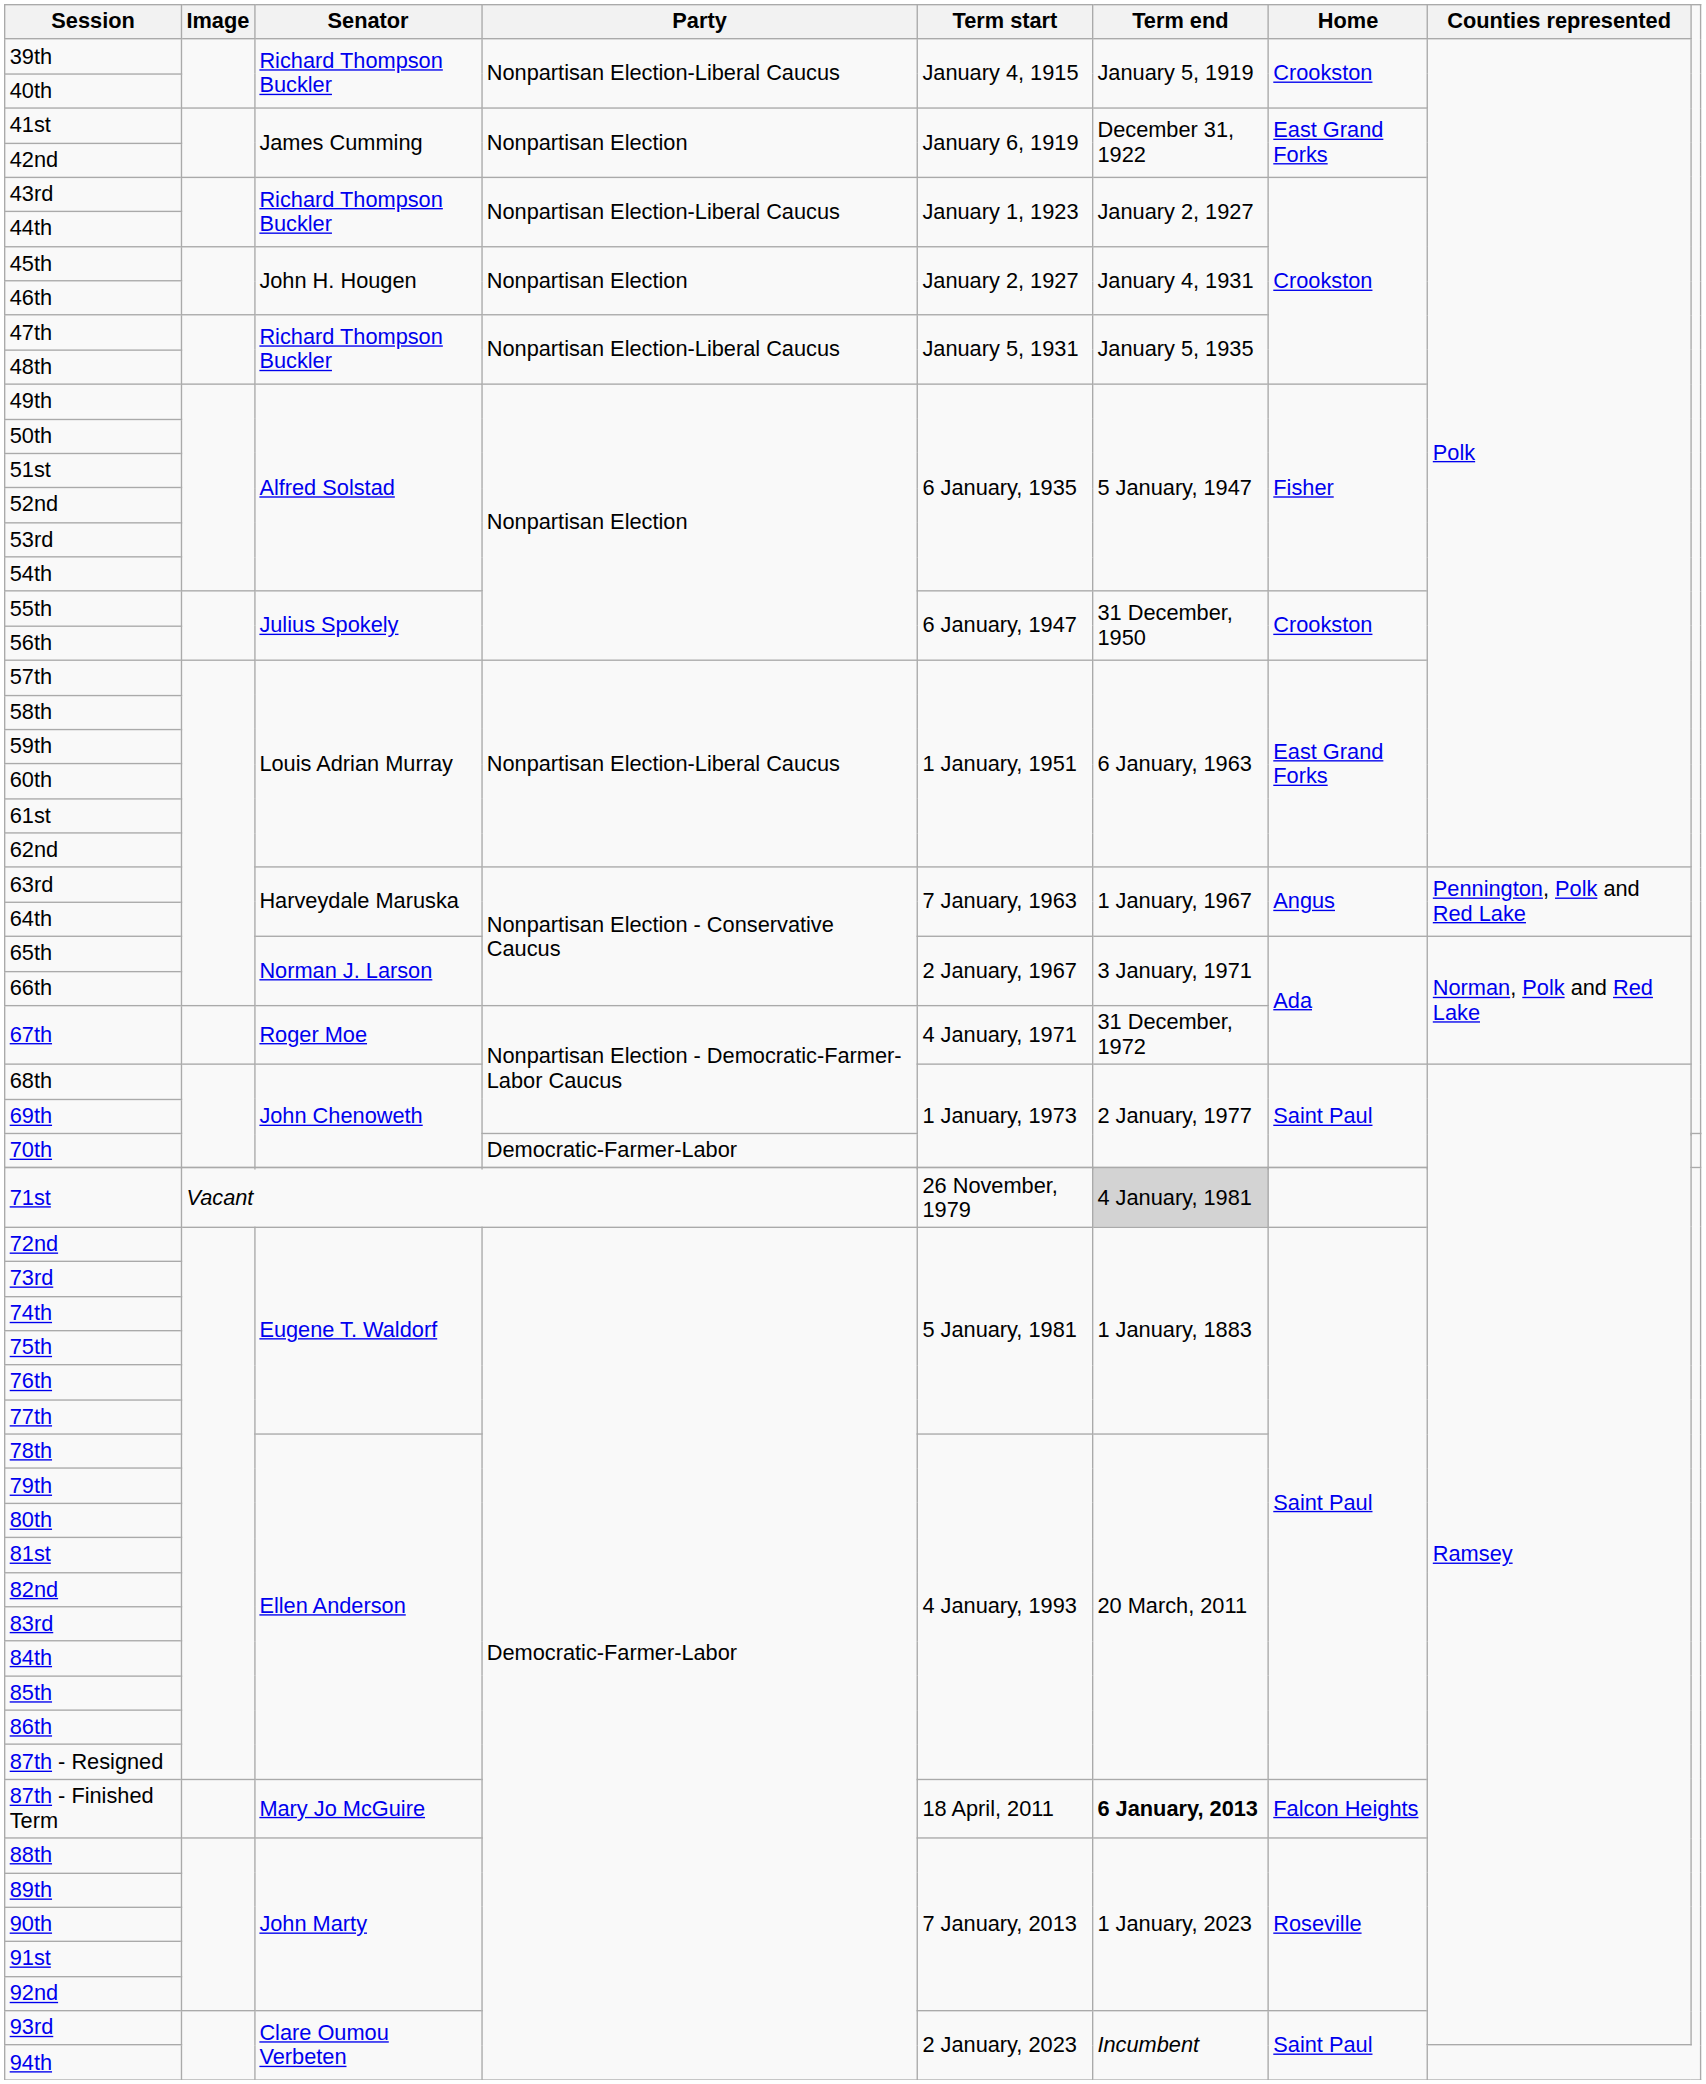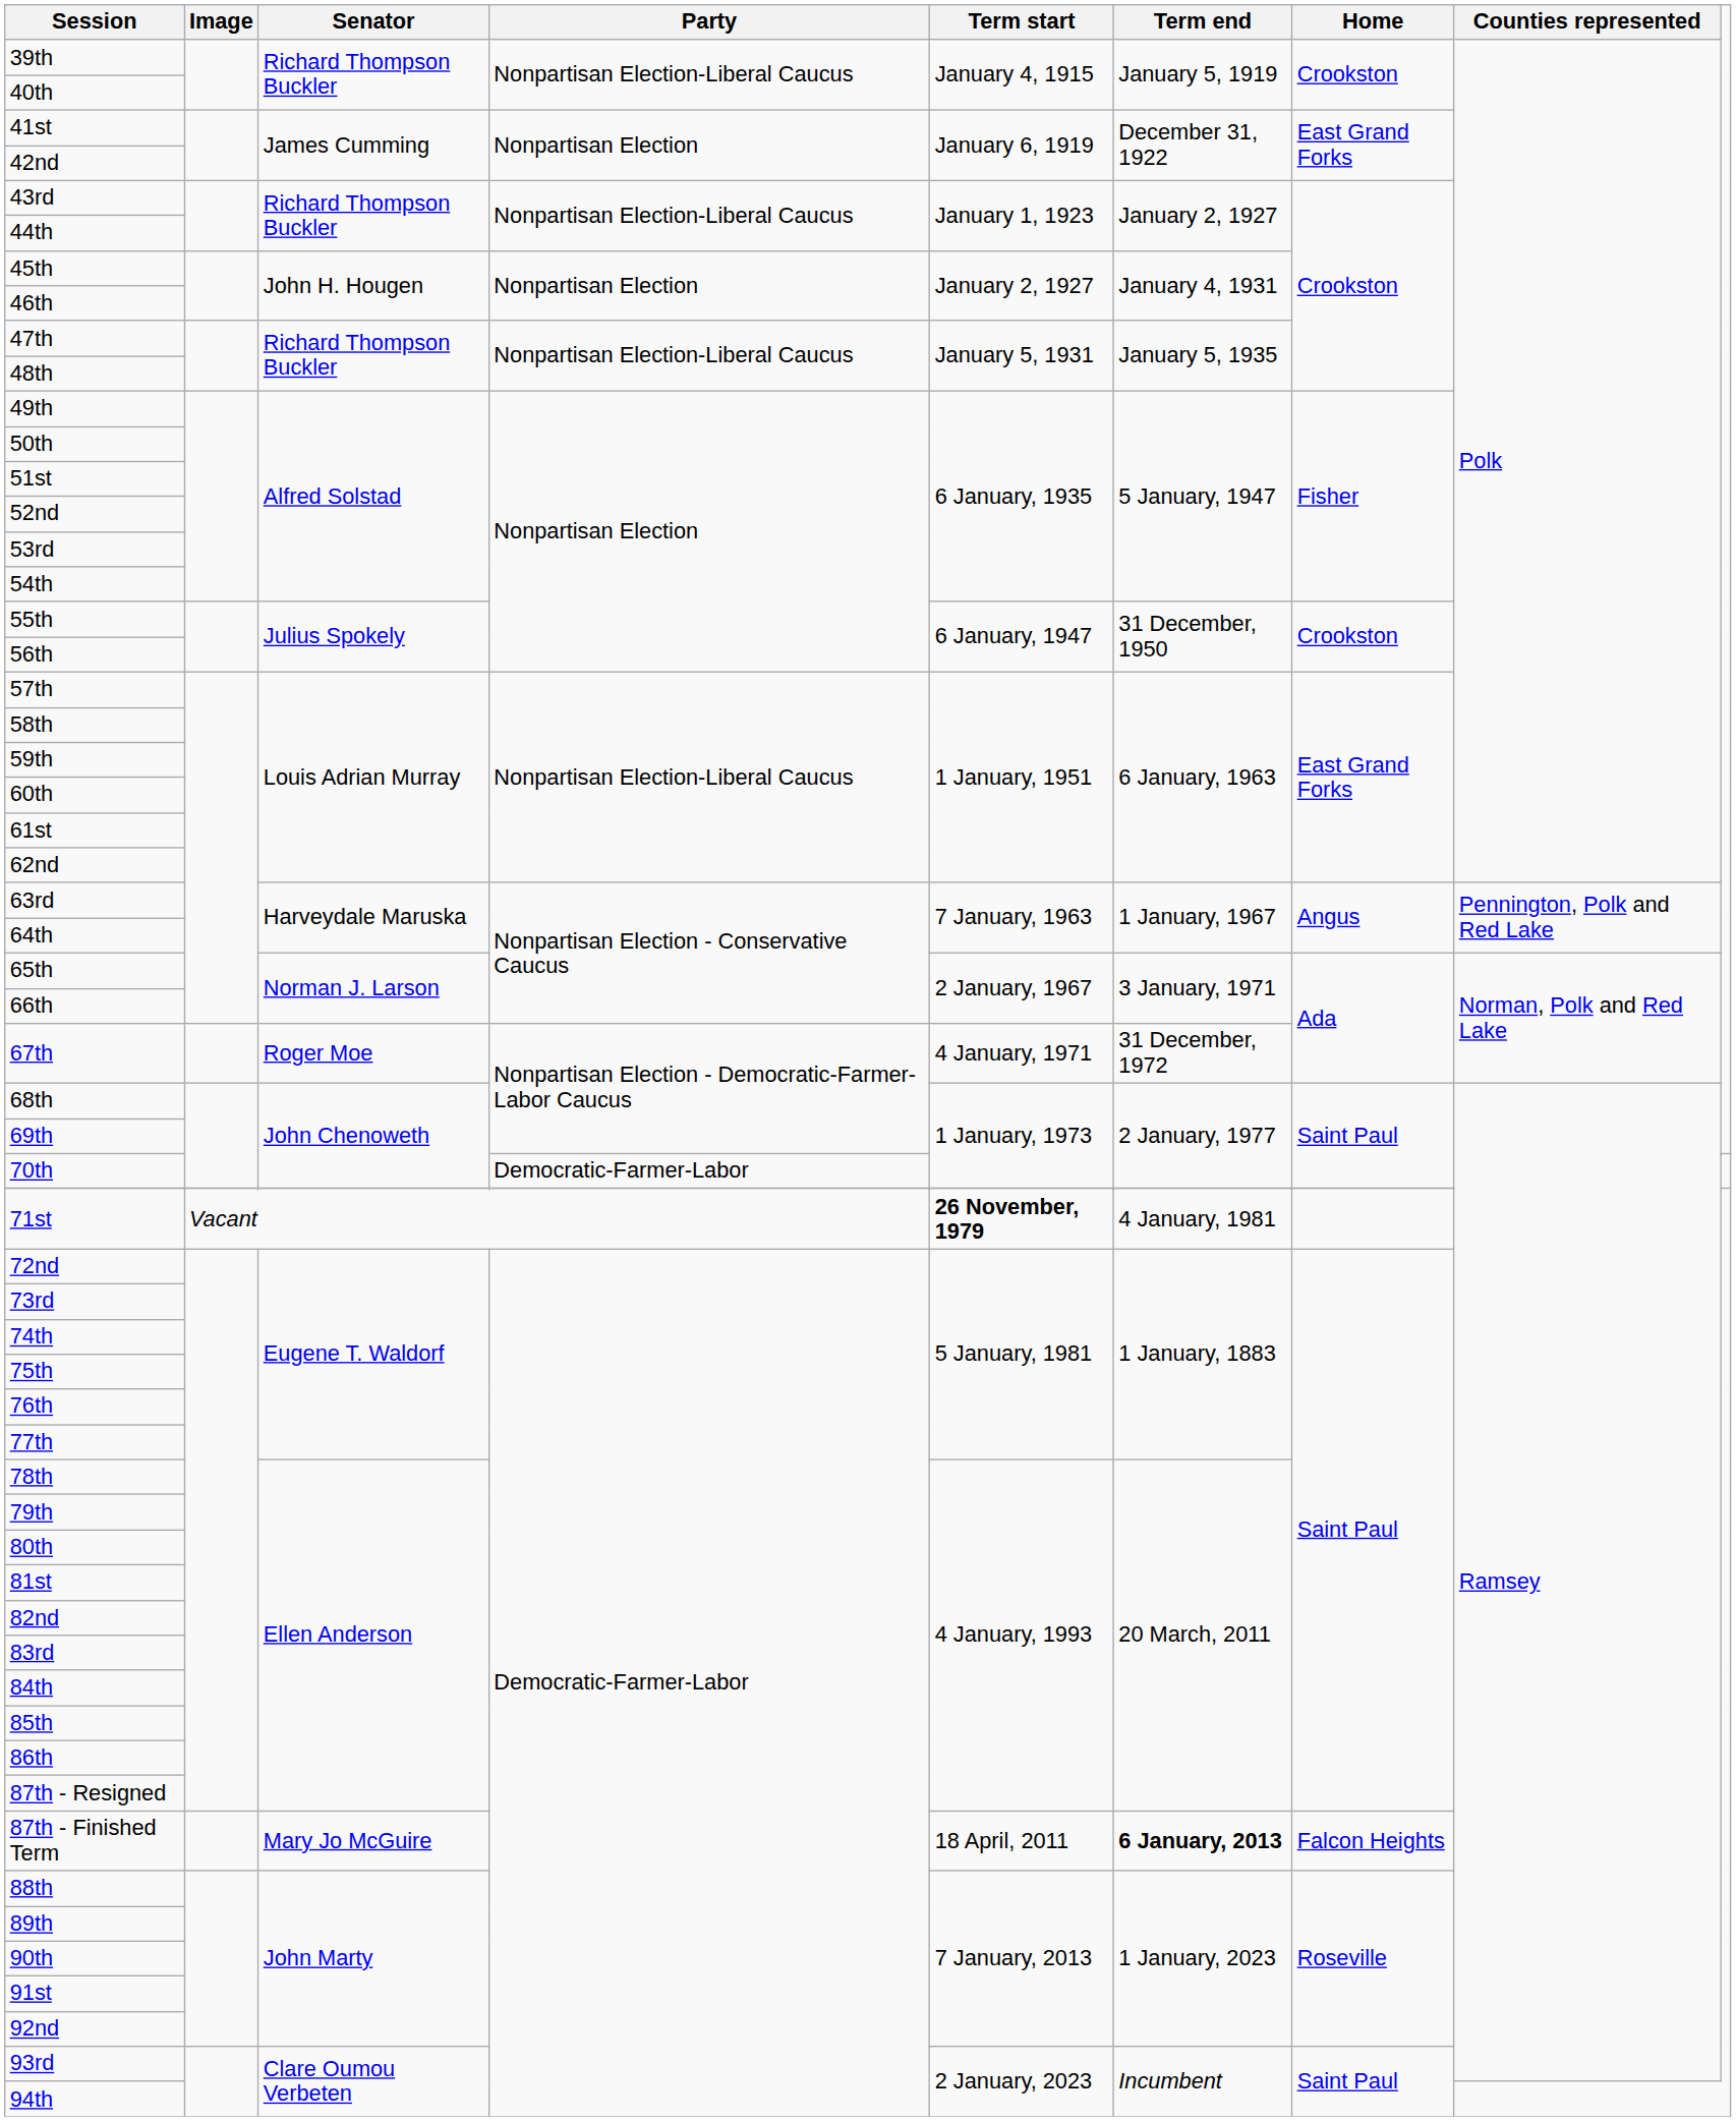 <table role="presentation" class="wikitable mw-collapsible">
 <tr>
 <th>Session</th>
 <th>Image</th>
 <th>Senator</th>
 <th>Party</th>
 <th>Term start</th>
 <th>Term end</th>
 <th>Home</th>
 <th>Counties represented</th>
 </tr>
 <tr>
 <td>39th</td>
 <td rowspan="2"></td>
 <td rowspan="2"><a href='#'>Richard Thompson Buckler</a></td>
 <td rowspan="2" >Nonpartisan Election-Liberal Caucus</td>
 <td rowspan="2">January 4, 1915</td>
 <td rowspan="2">January 5, 1919</td>
 <td rowspan="2"><a href='#'>Crookston</a></td>
 <td rowspan="24"><a href='#'>Polk</a></td>
 </tr>
 <tr>
 <td>40th</td>
 </tr>
 <tr>
 <td>41st</td>
 <td rowspan="2"></td>
 <td rowspan="2">James Cumming</td>
 <td rowspan="2" >Nonpartisan Election</td>
 <td rowspan="2">January 6, 1919</td>
 <td rowspan="2">December 31, 1922</td>
 <td rowspan="2"><a href='#'>East Grand Forks</a></td>
 </tr>
 <tr>
 <td>42nd</td>
 </tr>
 <tr>
 <td>43rd</td>
 <td rowspan="2"></td>
 <td rowspan="2"><a href='#'>Richard Thompson Buckler</a></td>
 <td rowspan="2" >Nonpartisan Election-Liberal Caucus</td>
 <td rowspan="2">January 1, 1923</td>
 <td rowspan="2">January 2, 1927</td>
 <td rowspan="6"><a href='#'>Crookston</a></td>
 </tr>
 <tr>
 <td>44th</td>
 </tr>
 <tr>
 <td>45th</td>
 <td rowspan="2"></td>
 <td rowspan="2">John H. Hougen</td>
 <td rowspan="2" >Nonpartisan Election</td>
 <td rowspan="2">January 2, 1927</td>
 <td rowspan="2">January 4, 1931</td>
 </tr>
 <tr>
 <td>46th</td>
 </tr>
 <tr>
 <td>47th</td>
 <td rowspan="2"></td>
 <td rowspan="2"><a href='#'>Richard Thompson Buckler</a></td>
 <td rowspan="2" >Nonpartisan Election-Liberal Caucus</td>
 <td rowspan="2">January 5, 1931</td>
 <td rowspan="2">January 5, 1935</td>
 </tr>
 <tr>
 <td>48th</td>
 </tr>
 <tr>
 <td>49th</td>
 <td rowspan="6"></td>
 <td rowspan="6"><a href='#'>Alfred Solstad</a></td>
 <td rowspan="8" >Nonpartisan Election</td>
 <td rowspan="6">6 January, 1935</td>
 <td rowspan="6">5 January, 1947</td>
 <td rowspan="6"><a href='#'>Fisher</a></td>
 </tr>
 <tr>
 <td>50th</td>
 </tr>
 <tr>
 <td>51st</td>
 </tr>
 <tr>
 <td>52nd</td>
 </tr>
 <tr>
 <td>53rd</td>
 </tr>
 <tr>
 <td>54th</td>
 </tr>
 <tr>
 <td>55th</td>
 <td rowspan="2"></td>
 <td rowspan="2"><a href='#'>Julius Spokely</a></td>
 <td rowspan="2">6 January, 1947</td>
 <td rowspan="2">31 December, 1950</td>
 <td rowspan="2"><a href='#'>Crookston</a></td>
 </tr>
 <tr>
 <td>56th</td>
 </tr>
 <tr>
 <td>57th</td>
 <td rowspan="10"></td>
 <td rowspan="6">Louis Adrian Murray</td>
 <td rowspan="6" >Nonpartisan Election-Liberal Caucus</td>
 <td rowspan="6">1 January, 1951</td>
 <td rowspan="6">6 January, 1963</td>
 <td rowspan="6"><a href='#'>East Grand Forks</a></td>
 </tr>
 <tr>
 <td>58th</td>
 </tr>
 <tr>
 <td>59th</td>
 </tr>
 <tr>
 <td>60th</td>
 </tr>
 <tr>
 <td>61st</td>
 </tr>
 <tr>
 <td>62nd</td>
 </tr>
 <tr>
 <td>63rd</td>
 <td rowspan="2">Harveydale Maruska</td>
 <td rowspan="4" >Nonpartisan Election - Conservative Caucus</td>
 <td rowspan="2">7 January, 1963</td>
 <td rowspan="2">1 January, 1967</td>
 <td rowspan="2"><a href='#'>Angus</a></td>
 <td rowspan="2"><a href='#'>Pennington</a>, <a href='#'>Polk</a> and <a href='#'>Red Lake</a></td>
 </tr>
 <tr>
 <td>64th</td>
 </tr>
 <tr>
 <td>65th</td>
 <td rowspan="2"><a href='#'>Norman J. Larson</a></td>
 <td rowspan="2">2 January, 1967</td>
 <td rowspan="2">3 January, 1971</td>
 <td rowspan="3"><a href='#'>Ada</a></td>
 <td rowspan="3"><a href='#'>Norman</a>, <a href='#'>Polk</a> and <a href='#'>Red Lake</a></td>
 </tr>
 <tr>
 <td>66th</td>
 </tr>
 <tr>
 <td><a href='#'>67th</a></td>
 <td></td>
 <td><a href='#'>Roger Moe</a></td>
 <td rowspan="3" >Nonpartisan Election - Democratic-Farmer-Labor Caucus</td>
 <td>4 January, 1971</td>
 <td>31 December, 1972</td>
 </tr>
 <tr>
 <td>68th</td>
 <td rowspan="5"></td>
 <td rowspan="5"><a href='#'>John Chenoweth</a></td>
 <td rowspan="5">1 January, 1973</td>
 <td rowspan="5">2 January, 1977</td>
 <td rowspan="5"><a href='#'>Saint Paul</a></td>
 <td rowspan="30"><a href='#'>Ramsey</a></td>
 </tr>
 <tr>
 <td><a href='#'>69th</a></td>
 </tr>
 <tr>
 <td rowspan="2"><a href='#'>70th</a></td>
 <td rowspan="3" >Democratic-Farmer-Labor</td>
 </tr>
 <tr>
 <td></td>
 </tr>
 <tr>
 </tr>
 <tr>
 <td rowspan="2"><a href='#'>71st</a></td>
 </tr>
 <tr>
 <td colspan="3"><em>Vacant</em></td>
-<td>26 November, 1979</td>
-<td style="background: lightgrey;">4 January, 1981</td>
+<td><strong>26 November, 1979</strong></td>
+<td>4 January, 1981</td>
 <td></td>
 </tr>
 <tr>
 <td><a href='#'>72nd</a></td>
 <td rowspan="16"></td>
 <td rowspan="6"><a href='#'>Eugene T. Waldorf</a></td>
 <td rowspan="25" >Democratic-Farmer-Labor</td>
 <td rowspan="6">5 January, 1981</td>
 <td rowspan="6">1 January, 1883</td>
 <td rowspan="16"><a href='#'>Saint Paul</a></td>
 </tr>
 <tr>
 <td><a href='#'>73rd</a></td>
 </tr>
 <tr>
 <td><a href='#'>74th</a></td>
 </tr>
 <tr>
 <td><a href='#'>75th</a></td>
 </tr>
 <tr>
 <td><a href='#'>76th</a></td>
 </tr>
 <tr>
 <td><a href='#'>77th</a></td>
 </tr>
 <tr>
 <td><a href='#'>78th</a></td>
 <td rowspan="10"><a href='#'>Ellen Anderson</a></td>
 <td rowspan="10">4 January, 1993</td>
 <td rowspan="10">20 March, 2011</td>
 </tr>
 <tr>
 <td><a href='#'>79th</a></td>
 </tr>
 <tr>
 <td><a href='#'>80th</a></td>
 </tr>
 <tr>
 <td><a href='#'>81st</a></td>
 </tr>
 <tr>
 <td><a href='#'>82nd</a></td>
 </tr>
 <tr>
 <td><a href='#'>83rd</a></td>
 </tr>
 <tr>
 <td><a href='#'>84th</a></td>
 </tr>
 <tr>
 <td><a href='#'>85th</a></td>
 </tr>
 <tr>
 <td><a href='#'>86th</a></td>
 </tr>
 <tr>
 <td><a href='#'>87th</a> - Resigned</td>
 </tr>
 <tr>
 <td><a href='#'>87th</a> - Finished Term</td>
 <td></td>
 <td><a href='#'>Mary Jo McGuire</a></td>
 <td>18 April, 2011</td>
 <td><strong>6 January, 2013</strong></td>
 <td><a href='#'>Falcon Heights</a></td>
 </tr>
 <tr>
 <td><a href='#'>88th</a></td>
 <td rowspan="5"></td>
 <td rowspan="5"><a href='#'>John Marty</a></td>
 <td rowspan="5">7 January, 2013</td>
 <td rowspan="5">1 January, 2023</td>
 <td rowspan="5"><a href='#'>Roseville</a></td>
 </tr>
 <tr>
 <td><a href='#'>89th</a></td>
 </tr>
 <tr>
 <td><a href='#'>90th</a></td>
 </tr>
 <tr>
 <td><a href='#'>91st</a></td>
 </tr>
 <tr>
 <td><a href='#'>92nd</a></td>
 </tr>
 <tr>
 <td><a href='#'>93rd</a></td>
 <td rowspan="2"></td>
 <td rowspan="2"><a href='#'>Clare Oumou Verbeten</a></td>
 <td rowspan="2">2 January, 2023</td>
 <td rowspan="2"><em>Incumbent</em></td>
 <td rowspan="2"><a href='#'>Saint Paul</a></td>
 </tr>
 <tr>
 <td><a href='#'>94th</a></td>
 </tr>
 </table>
